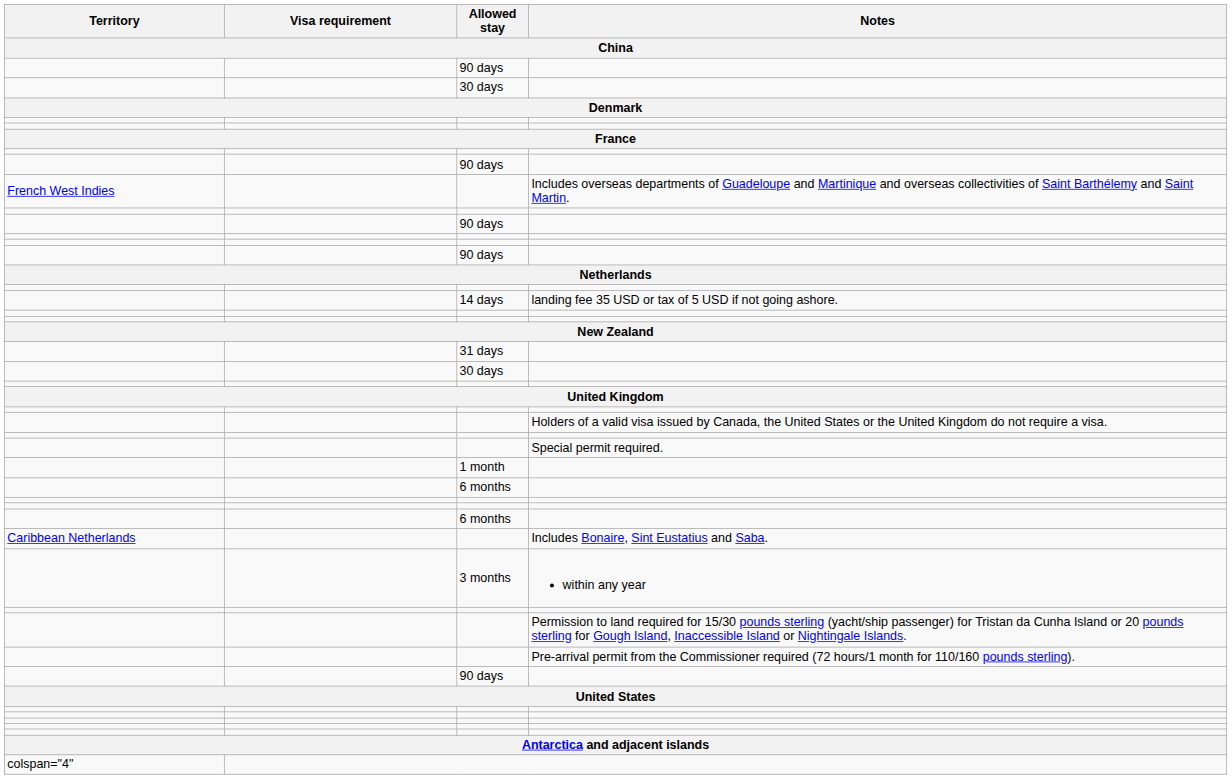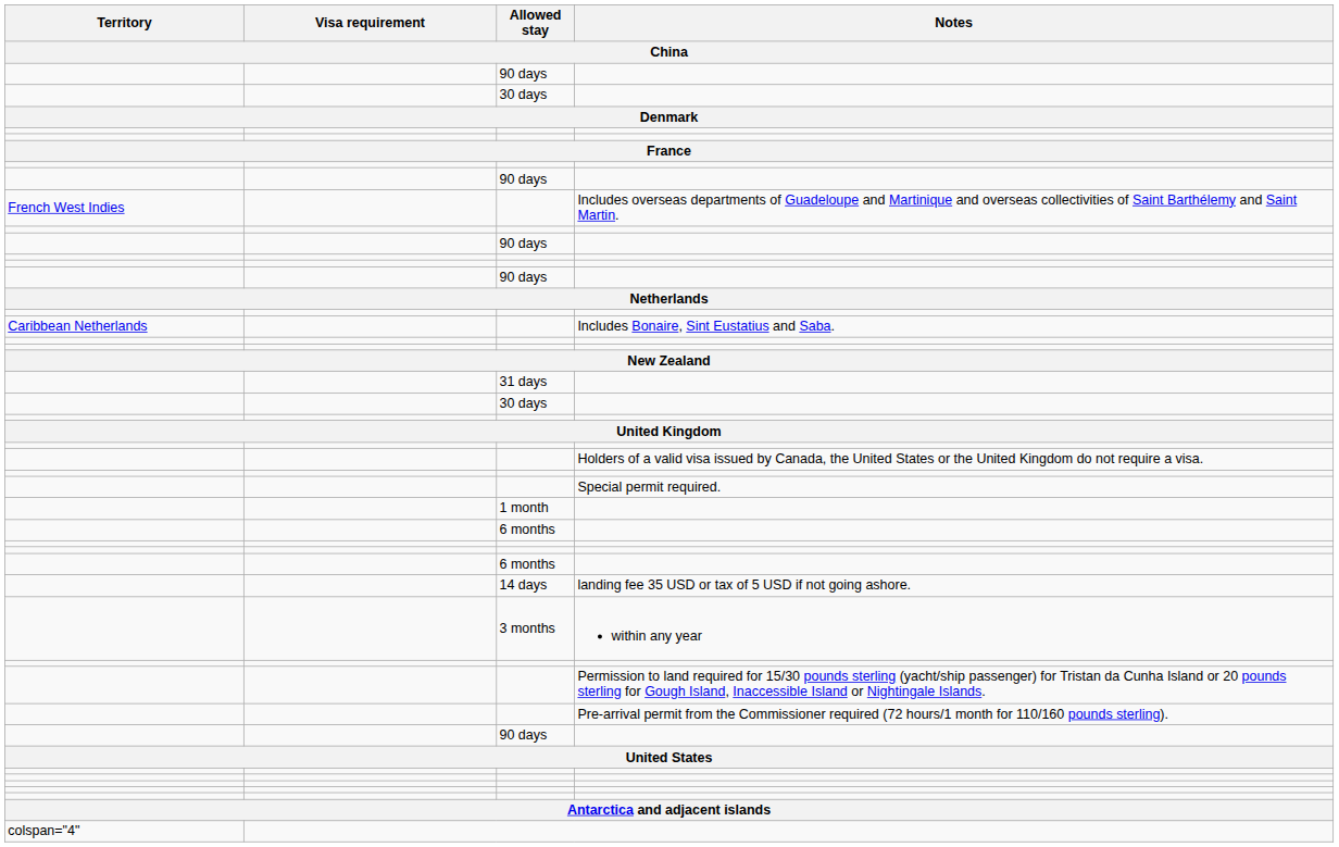 <table class="wikitable" style="text-align: left; table-layout: fixed;">
 <tr>
 <th style="width:18%;">Territory</th>
 <th style="width:19%;">Visa requirement</th>
 <th>Allowed stay</th>
 <th>Notes</th>
 </tr>
 <tr>
 <th colspan="4">China</th>
 </tr>
 <tr>
 <td></td>
 <td></td>
 <td>90 days</td>
 <td></td>
 </tr>
 <tr>
 <td></td>
 <td></td>
 <td>30 days</td>
 <td></td>
 </tr>
 <tr>
 <th colspan="4">Denmark</th>
 </tr>
 <tr>
 <td></td>
 <td></td>
 <td></td>
 <td></td>
 </tr>
 <tr>
 <td></td>
 <td></td>
 <td></td>
 <td></td>
 </tr>
 <tr>
 <th colspan="4">France</th>
 </tr>
 <tr>
 <td></td>
 <td></td>
 <td></td>
 <td></td>
 </tr>
 <tr>
 <td></td>
 <td></td>
 <td>90 days</td>
 <td></td>
 </tr>
 <tr>
 <td> <a href='#'>French West Indies</a></td>
 <td></td>
 <td></td>
 <td>Includes overseas departments of <a href='#'>Guadeloupe</a> and <a href='#'>Martinique</a> and overseas collectivities of <a href='#'>Saint Barthélemy</a> and <a href='#'>Saint Martin</a>.</td>
 </tr>
 <tr>
 <td></td>
 <td></td>
 <td></td>
 <td></td>
 </tr>
 <tr>
 <td></td>
 <td></td>
 <td>90 days</td>
 <td></td>
 </tr>
 <tr>
 <td></td>
 <td></td>
 <td></td>
 <td></td>
 </tr>
 <tr>
 <td></td>
 <td></td>
 <td></td>
 <td></td>
 </tr>
 <tr>
 <td></td>
 <td></td>
 <td>90 days</td>
 <td></td>
 </tr>
 <tr>
 <th colspan="4">Netherlands</th>
 </tr>
 <tr>
 <td></td>
 <td></td>
 <td></td>
 <td></td>
 </tr>
 <tr>
+<td> <a href='#'>Caribbean Netherlands</a></td>
 <td></td>
 <td></td>
-<td>14 days</td>
-<td>landing fee 35 USD or tax of 5 USD if not going ashore.</td>
+<td>Includes <a href='#'>Bonaire</a>, <a href='#'>Sint Eustatius</a> and <a href='#'>Saba</a>.</td>
 </tr>
 <tr>
 <td></td>
 <td></td>
 <td></td>
 <td></td>
 </tr>
 <tr>
 <td></td>
 <td></td>
 <td></td>
 <td></td>
 </tr>
 <tr>
 <th colspan="4">New Zealand</th>
 </tr>
 <tr>
 <td></td>
 <td></td>
 <td>31 days</td>
 <td></td>
 </tr>
 <tr>
 <td></td>
 <td></td>
 <td>30 days</td>
 <td></td>
 </tr>
 <tr>
 <td></td>
 <td></td>
 <td></td>
 <td></td>
 </tr>
 <tr>
 <th colspan="4">United Kingdom</th>
 </tr>
 <tr>
 <td></td>
 <td></td>
 <td></td>
 <td></td>
 </tr>
 <tr>
 <td></td>
 <td></td>
 <td></td>
 <td>Holders of a valid visa issued by Canada, the United States or the United Kingdom do not require a visa.</td>
 </tr>
 <tr>
 <td></td>
 <td></td>
 <td></td>
 <td></td>
 </tr>
 <tr>
 <td></td>
 <td></td>
 <td></td>
 <td>Special permit required.</td>
 </tr>
 <tr>
 <td></td>
 <td></td>
 <td>1 month</td>
 <td></td>
 </tr>
 <tr>
 <td></td>
 <td></td>
 <td>6 months</td>
 <td></td>
 </tr>
 <tr>
 <td></td>
 <td></td>
 <td></td>
 <td></td>
 </tr>
 <tr>
 <td></td>
 <td></td>
 <td></td>
 <td></td>
 </tr>
 <tr>
 <td></td>
 <td></td>
 <td>6 months</td>
 <td></td>
 </tr>
 <tr>
-<td> <a href='#'>Caribbean Netherlands</a></td>
 <td></td>
 <td></td>
-<td>Includes <a href='#'>Bonaire</a>, <a href='#'>Sint Eustatius</a> and <a href='#'>Saba</a>.</td>
+<td>14 days</td>
+<td>landing fee 35 USD or tax of 5 USD if not going ashore.</td>
 </tr>
 <tr>
 <td></td>
 <td></td>
 <td>3 months</td>
 <td><br><ul><li>within any year</li></ul></td>
 </tr>
 <tr>
 <td></td>
 <td></td>
 <td></td>
 <td></td>
 </tr>
 <tr>
 <td></td>
 <td></td>
 <td></td>
 <td>Permission to land required for 15/30 <a href='#'>pounds sterling</a> (yacht/ship passenger) for Tristan da Cunha Island or 20 <a href='#'>pounds sterling</a> for <a href='#'>Gough Island</a>, <a href='#'>Inaccessible Island</a> or <a href='#'>Nightingale Islands</a>.</td>
 </tr>
 <tr>
 <td></td>
 <td></td>
 <td></td>
 <td>Pre-arrival permit from the Commissioner required (72 hours/1 month for 110/160 <a href='#'>pounds sterling</a>).</td>
 </tr>
 <tr>
 <td></td>
 <td></td>
 <td>90 days</td>
 <td></td>
 </tr>
 <tr>
 <th colspan="4">United States</th>
 </tr>
 <tr>
 <td></td>
 <td></td>
 <td></td>
 <td></td>
 </tr>
 <tr>
 <td></td>
 <td></td>
 <td></td>
 <td></td>
 </tr>
 <tr>
 <td></td>
 <td></td>
 <td></td>
 <td></td>
 </tr>
 <tr>
 <td></td>
 <td></td>
 <td></td>
 <td></td>
 </tr>
 <tr>
 <td></td>
 <td></td>
 <td></td>
 <td></td>
 </tr>
 <tr>
 <th colspan="4"><a href='#'>Antarctica</a> and adjacent islands</th>
 </tr>
 <tr>
 <td>colspan="4" </td>
 </tr>
 </table>
